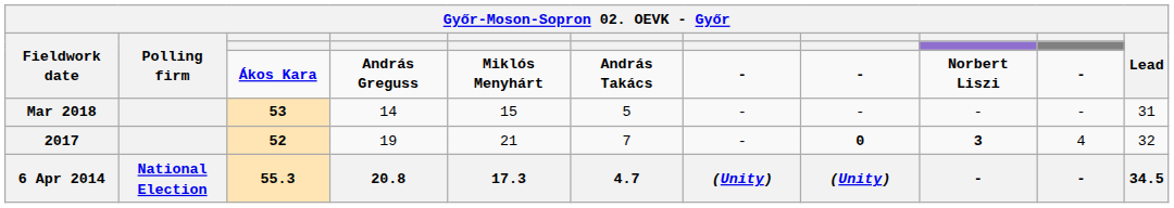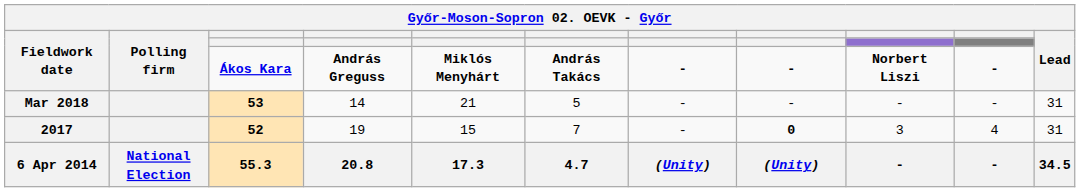 <table class="wikitable mw-collapsible mw-collapsed" style="text-align:center">
 <tr>
 <th colspan="11" style="width: 980pt;"><small><a href='#'>Győr-Moson-Sopron</a> 02. OEVK - <a href='#'>Győr</a></small></th>
 </tr>
 <tr>
 <th rowspan="3" style="width: 80pt;"><small>Fieldwork</small> <small>date</small></th>
 <th rowspan="3" style="width: 80pt;"><strong><small>Polling</small> <small>firm</small></strong></th>
 <th style="width: 100pt;"><small></small></th>
 <th style="width: 100pt;"><small> </small></th>
 <th style="width: 100pt;"></th>
 <th style="width: 100pt;"></th>
 <th style="width: 100pt;"></th>
 <th style="width: 100pt;"></th>
 <th style="width: 100pt;"></th>
 <th style="width: 100pt;"></th>
 <th rowspan="3" style="width: 20pt;"><small>Lead</small></th>
 </tr>
 <tr>
 <th style="color:inherit;background:"></th>
 <th style="color:inherit;background:"></th>
 <th style="color:inherit;background:"></th>
 <th style="color:inherit;background:"></th>
 <th style="color:inherit;background:"></th>
 <th style="color:inherit;background:"></th>
 <th style="color:inherit;background:#8E6FCE;"></th>
 <th style="color:inherit;background:#808080;"></th>
 </tr>
 <tr>
 <td><a href='#'><small><strong>Ákos Kara</strong></small></a></td>
 <td><small><strong>András Greguss</strong></small></td>
 <td><small><strong>Miklós Menyhárt</strong></small></td>
 <td><small><strong>András Takács</strong></small></td>
 <td><small><strong>-</strong></small></td>
 <td><small><strong>-</strong></small></td>
 <td><small><strong>Norbert Liszi</strong></small></td>
 <td><small><strong>-</strong></small></td>
 </tr>
 <tr>
 <th><small>Mar 2018</small></th>
 <th><small></small></th>
 <td style="background:#FFE5B4"><small><strong>53</strong></small></td>
 <td><small>14</small></td>
-<td><small>15</small></td>
+<td><small>21</small></td>
 <td><small>5</small></td>
 <td><small>-</small></td>
 <td><small>-</small></td>
 <td><small>-</small></td>
 <td><small>-</small></td>
 <td style="background:"><small>31</small></td>
 </tr>
 <tr>
 <th><small>2017</small></th>
 <th><small></small></th>
 <td style="background:#FFE5B4"><small><strong>52</strong></small></td>
 <td><small>19</small></td>
-<td><small>21</small></td>
+<td><small>15</small></td>
 <td><small>7</small></td>
 <td><small>-</small></td>
 <td><strong><small>0</small></strong></td>
-<td><strong><small>3</small></strong></td>
+<td><small>3</small></td>
 <td><small>4</small></td>
-<td style="background:"><small>32</small></td>
+<td style="background:"><small>31</small></td>
 </tr>
 <tr>
 <th><small>6 Apr 2014</small></th>
 <th><a href='#'><small>National Election</small></a></th>
 <th style="background:#FFE5B4"><small><strong>55.3</strong></small></th>
 <th><small>20.8</small></th>
 <th><small>17.3</small></th>
 <th><small>4.7</small></th>
 <th><small><em>(<a href='#'>Unity</a>)</em></small></th>
 <th><small><em>(<a href='#'>Unity</a>)</em></small></th>
 <th><small>-</small></th>
 <th><small>-</small></th>
 <th style="background:"><small>34.5</small></th>
 </tr>
 </table>
